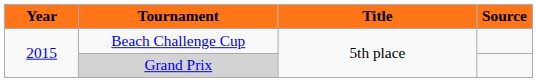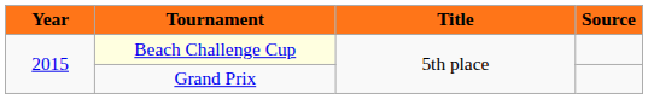 <table class="wikitable">
 <tr>
 <th width=70px style="background: #FF7518; color: Black; text-align: center"><strong>Year</strong></th>
 <th width=200px style="background: #FF7518; color: Black; text-align: center"><strong>Tournament</strong></th>
 <th width=200px style="background: #FF7518; color: Black"><strong>Title</strong></th>
 <th width=50px style="background: #FF7518; color: Black"><strong>Source</strong></th>
 </tr>
 <tr align=center>
 <td rowspan=2><a href='#'>2015</a></td>
-<td><a href='#'>Beach Challenge Cup</a></td>
+<td style="background: lightyellow;"><a href='#'>Beach Challenge Cup</a></td>
 <td rowspan=2>5th place</td>
 <td></td>
 </tr>
 <tr align=center>
-<td style="background: lightgrey;"><a href='#'>Grand Prix</a></td>
+<td><a href='#'>Grand Prix</a></td>
 <td></td>
 </tr>
 </table>
